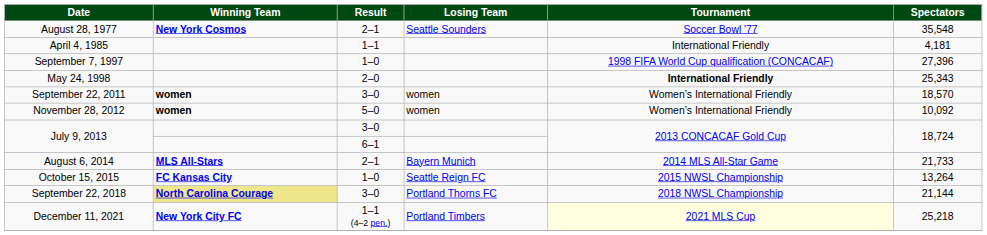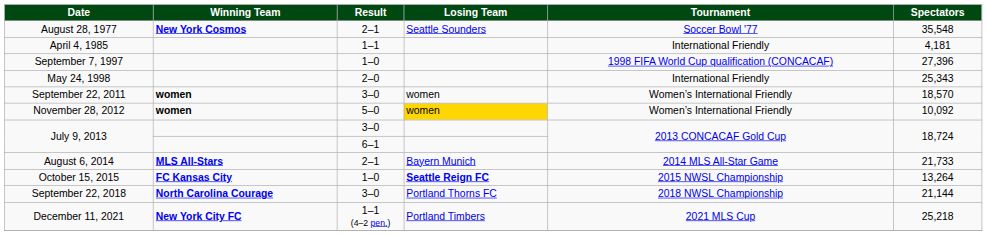 <table class="wikitable" style="text-align:left; width:95%;" style="text-align:center">
 <tr>
 <th style="text-align:center; background:#004812; color:#FFFFFF; ">Date</th>
 <th style="text-align:center; background:#004812; color:#FFFFFF; ">Winning Team</th>
 <th style="text-align:center; background:#004812; color:#FFFFFF; ">Result</th>
 <th style="text-align:center; background:#004812; color:#FFFFFF; ">Losing Team</th>
 <th style="text-align:center; background:#004812; color:#FFFFFF; ">Tournament</th>
 <th style="text-align:center; background:#004812; color:#FFFFFF; ">Spectators</th>
 </tr>
 <tr>
 <td style="text-align:center;">August 28, 1977</td>
 <td><strong> <a href='#'>New York Cosmos</a></strong></td>
 <td style="text-align:center;">2–1</td>
 <td> <a href='#'>Seattle Sounders</a></td>
 <td style="text-align:center;"><a href='#'>Soccer Bowl '77</a></td>
 <td style="text-align:center;">35,548</td>
 </tr>
 <tr>
 <td style="text-align:center;">April 4, 1985</td>
 <td></td>
 <td style="text-align:center;">1–1</td>
 <td></td>
 <td style="text-align:center;">International Friendly</td>
 <td style="text-align:center;">4,181</td>
 </tr>
 <tr>
 <td style="text-align:center;">September 7, 1997</td>
 <td><strong></strong></td>
 <td style="text-align:center;">1–0</td>
 <td></td>
 <td style="text-align:center;"><a href='#'>1998 FIFA World Cup qualification (CONCACAF)</a></td>
 <td style="text-align:center;">27,396</td>
 </tr>
 <tr>
 <td style="text-align:center;">May 24, 1998</td>
 <td><strong></strong></td>
 <td style="text-align:center;">2–0</td>
 <td></td>
-<td style="text-align:center;"><strong>International Friendly</strong></td>
+<td style="text-align:center;">International Friendly</td>
 <td style="text-align:center;">25,343</td>
 </tr>
 <tr>
 <td style="text-align:center;">September 22, 2011</td>
 <td><strong> women</strong></td>
 <td style="text-align:center;">3–0</td>
 <td> women</td>
 <td style="text-align:center;">Women’s International Friendly</td>
 <td style="text-align:center;">18,570</td>
 </tr>
 <tr>
 <td style="text-align:center;">November 28, 2012</td>
 <td><strong> women</strong></td>
 <td style="text-align:center;">5–0</td>
-<td> women</td>
+<td style="background: gold;"> women</td>
 <td style="text-align:center;">Women’s International Friendly</td>
 <td style="text-align:center;">10,092</td>
 </tr>
 <tr>
 <td style="text-align:center;" rowspan=2>July 9, 2013</td>
 <td><strong></strong></td>
 <td style="text-align:center;">3–0</td>
 <td></td>
 <td style="text-align:center;" rowspan=2><a href='#'>2013 CONCACAF Gold Cup</a></td>
 <td style="text-align:center;" rowspan=2>18,724</td>
 </tr>
 <tr>
 <td><strong></strong></td>
 <td style="text-align:center;">6–1</td>
 <td></td>
 </tr>
 <tr>
 <td style="text-align:center;">August 6, 2014</td>
 <td><strong>  <a href='#'>MLS All-Stars</a></strong></td>
 <td style="text-align:center;">2–1</td>
 <td> <a href='#'>Bayern Munich</a></td>
 <td style="text-align:center;"><a href='#'>2014 MLS All-Star Game</a></td>
 <td style="text-align:center;">21,733</td>
 </tr>
 <tr>
 <td style="text-align:center;">October 15, 2015</td>
 <td><strong> <a href='#'>FC Kansas City</a></strong></td>
 <td style="text-align:center;">1–0</td>
-<td> <a href='#'>Seattle Reign FC</a></td>
+<td><strong> <a href='#'>Seattle Reign FC</a></strong></td>
 <td style="text-align:center;"><a href='#'>2015 NWSL Championship</a></td>
 <td style="text-align:center;">13,264</td>
 </tr>
 <tr>
 <td style="text-align:center;">September 22, 2018</td>
-<td style="background: khaki;"><strong> <a href='#'>North Carolina Courage</a></strong></td>
+<td><strong> <a href='#'>North Carolina Courage</a></strong></td>
 <td style="text-align:center;">3–0</td>
 <td> <a href='#'>Portland Thorns FC</a></td>
 <td style="text-align:center;"><a href='#'>2018 NWSL Championship</a></td>
 <td style="text-align:center;">21,144</td>
 </tr>
 <tr>
 <td style="text-align:center;">December 11, 2021</td>
 <td><strong> <a href='#'>New York City FC</a></strong></td>
 <td style="text-align:center;">1–1<br> <small>(4–2 <a href='#'>pen.</a>)</small></td>
 <td> <a href='#'>Portland Timbers</a></td>
-<td style="background: lightyellow; text-align:center;"><a href='#'>2021 MLS Cup</a></td>
+<td style="text-align:center;"><a href='#'>2021 MLS Cup</a></td>
 <td style="text-align:center;">25,218</td>
 </tr>
 <tr>
 </tr>
 </table>
